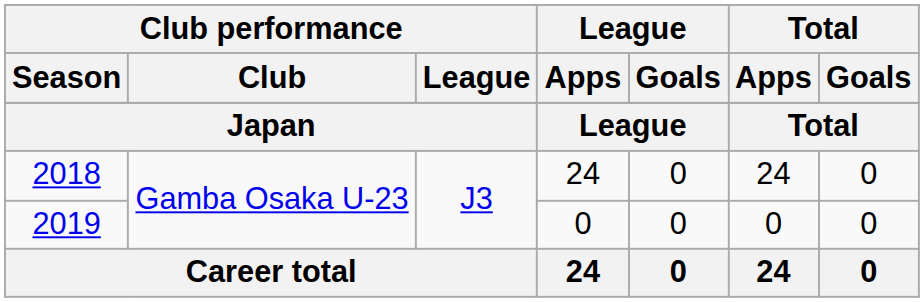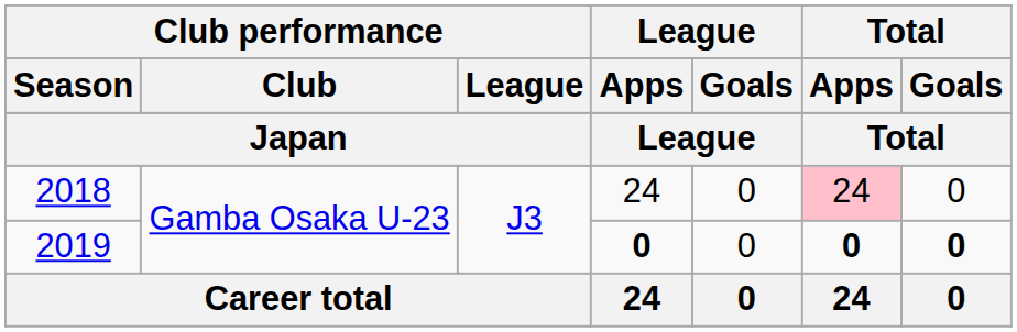 <table class="wikitable" style="text-align:center">
 <tr>
 <th colspan=3>Club performance</th>
 <th colspan=2>League</th>
 <th colspan=2>Total</th>
 </tr>
 <tr>
 <th>Season</th>
 <th>Club</th>
 <th>League</th>
 <th>Apps</th>
 <th>Goals</th>
 <th>Apps</th>
 <th>Goals</th>
 </tr>
 <tr>
 </tr>
 <tr>
 <th colspan=3>Japan</th>
 <th colspan=2>League</th>
 <th colspan=2>Total</th>
 </tr>
 <tr>
 <td><a href='#'>2018</a></td>
 <td rowspan=2><a href='#'>Gamba Osaka U-23</a></td>
 <td rowspan=2><a href='#'>J3</a></td>
 <td>24</td>
 <td>0</td>
-<td>24</td>
+<td style="background: pink;">24</td>
 <td>0</td>
 </tr>
 <tr>
 <td><a href='#'>2019</a></td>
+<td><strong>0</strong></td>
 <td>0</td>
-<td>0</td>
-<td>0</td>
-<td>0</td>
+<td><strong>0</strong></td>
+<td><strong>0</strong></td>
 </tr>
 <tr>
 <th colspan=3>Career total</th>
 <th>24</th>
 <th>0</th>
 <th>24</th>
 <th>0</th>
 </tr>
 </table>
